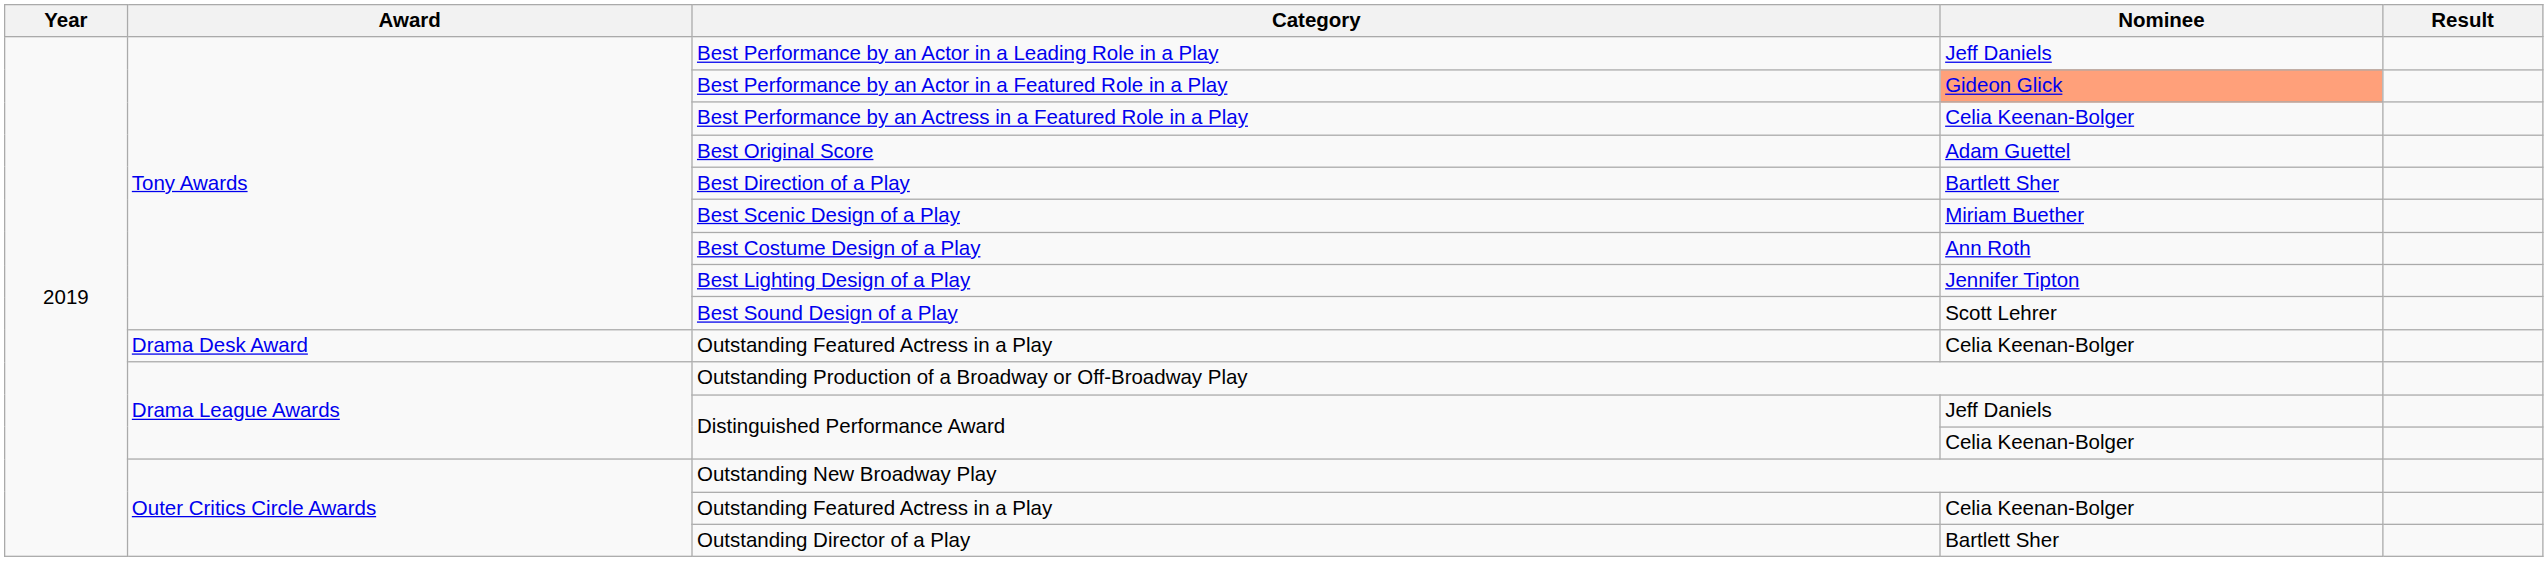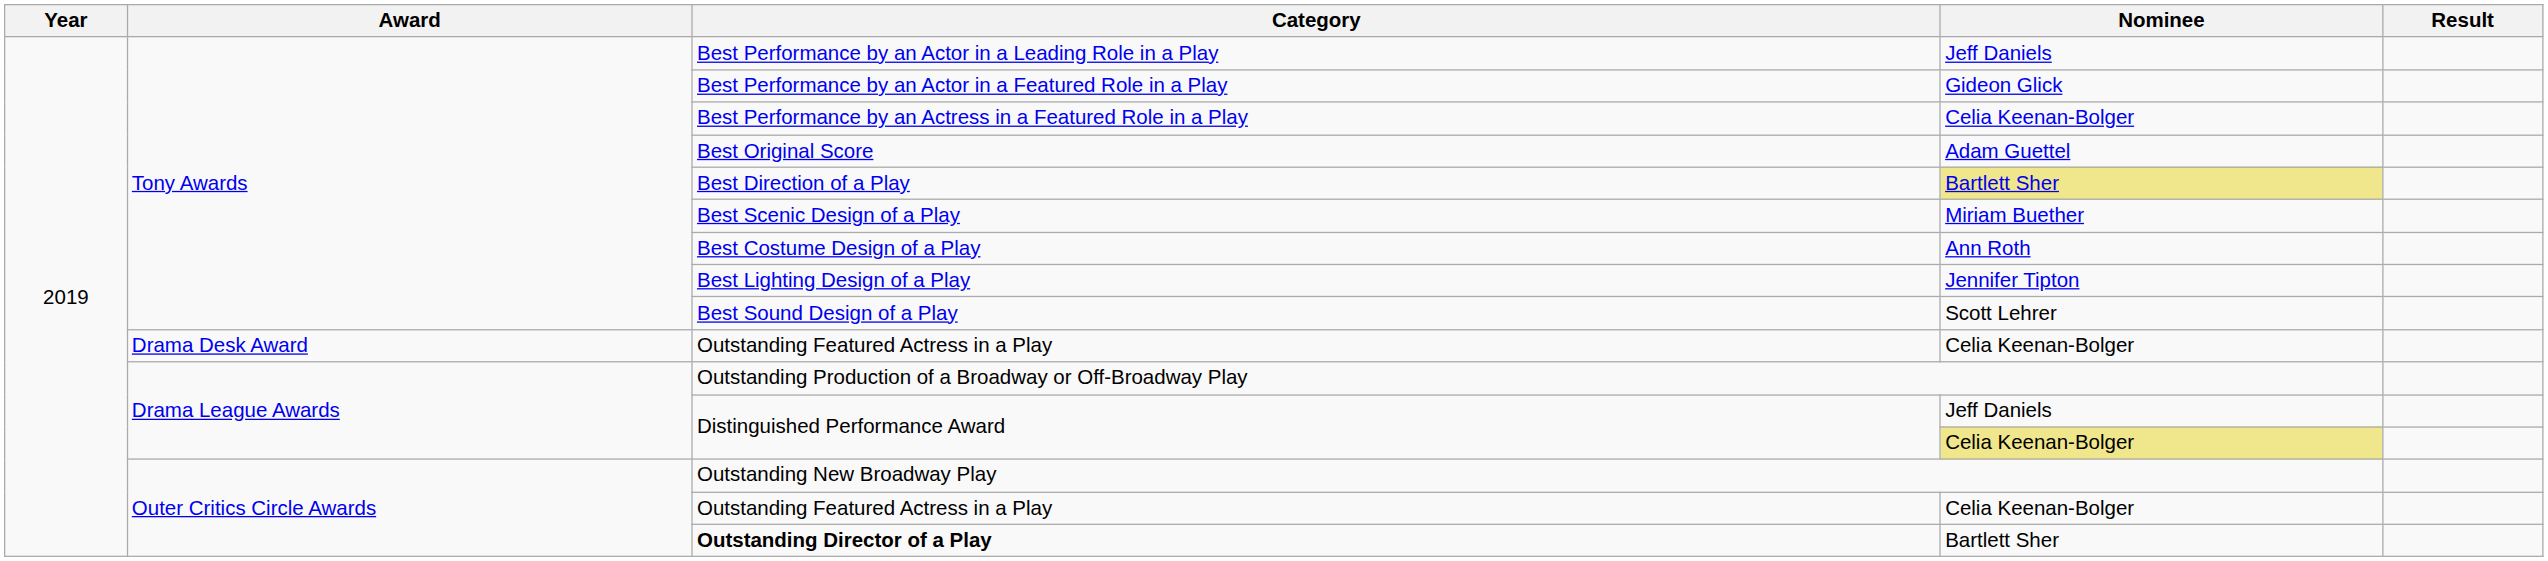 <table class="wikitable" style="width:100%;">
 <tr>
 <th>Year</th>
 <th><strong>Award</strong></th>
 <th><strong>Category</strong></th>
 <th><strong>Nominee</strong></th>
 <th><strong>Result</strong></th>
 </tr>
 <tr>
 <td rowspan="16" align="center">2019</td>
 <td rowspan="9"><a href='#'>Tony Awards</a></td>
 <td><a href='#'>Best Performance by an Actor in a Leading Role in a Play</a></td>
 <td><a href='#'>Jeff Daniels</a></td>
 <td></td>
 </tr>
 <tr>
 <td><a href='#'>Best Performance by an Actor in a Featured Role in a Play</a></td>
-<td style="background: lightsalmon;"><a href='#'>Gideon Glick</a></td>
+<td><a href='#'>Gideon Glick</a></td>
 <td></td>
 </tr>
 <tr>
 <td><a href='#'>Best Performance by an Actress in a Featured Role in a Play</a></td>
 <td><a href='#'>Celia Keenan-Bolger</a></td>
 <td></td>
 </tr>
 <tr>
 <td><a href='#'>Best Original Score</a></td>
 <td><a href='#'>Adam Guettel</a></td>
 <td></td>
 </tr>
 <tr>
 <td><a href='#'>Best Direction of a Play</a></td>
-<td><a href='#'>Bartlett Sher</a></td>
+<td style="background: khaki;"><a href='#'>Bartlett Sher</a></td>
 <td></td>
 </tr>
 <tr>
 <td><a href='#'>Best Scenic Design of a Play</a></td>
 <td><a href='#'>Miriam Buether</a></td>
 <td></td>
 </tr>
 <tr>
 <td><a href='#'>Best Costume Design of a Play</a></td>
 <td><a href='#'>Ann Roth</a></td>
 <td></td>
 </tr>
 <tr>
 <td><a href='#'>Best Lighting Design of a Play</a></td>
 <td><a href='#'>Jennifer Tipton</a></td>
 <td></td>
 </tr>
 <tr>
 <td><a href='#'>Best Sound Design of a Play</a></td>
 <td>Scott Lehrer</td>
 <td></td>
 </tr>
 <tr>
 <td rowspan="1"><a href='#'>Drama Desk Award</a></td>
 <td colspan="1">Outstanding Featured Actress in a Play</td>
 <td>Celia Keenan-Bolger</td>
 <td></td>
 </tr>
 <tr>
 <td rowspan="3"><a href='#'>Drama League Awards</a></td>
 <td colspan="2">Outstanding Production of a Broadway or Off-Broadway Play</td>
 <td></td>
 </tr>
 <tr>
 <td rowspan="2">Distinguished Performance Award</td>
 <td>Jeff Daniels</td>
 <td></td>
 </tr>
 <tr>
-<td>Celia Keenan-Bolger</td>
+<td style="background: khaki;">Celia Keenan-Bolger</td>
 <td></td>
 </tr>
 <tr>
 <td rowspan="3"><a href='#'>Outer Critics Circle Awards</a></td>
 <td colspan="2">Outstanding New Broadway Play</td>
 <td></td>
 </tr>
 <tr>
 <td>Outstanding Featured Actress in a Play</td>
 <td>Celia Keenan-Bolger</td>
 <td></td>
 </tr>
 <tr>
-<td>Outstanding Director of a Play</td>
+<td><strong>Outstanding Director of a Play</strong></td>
 <td>Bartlett Sher</td>
 <td></td>
 </tr>
 </table>
